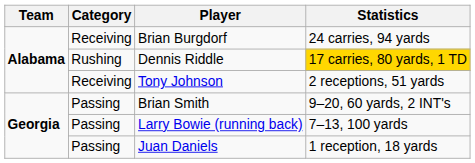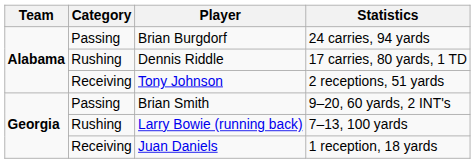 <table class="wikitable" style="float: right;">
 <tr>
 <th>Team</th>
 <th>Category</th>
 <th>Player</th>
 <th>Statistics</th>
 </tr>
 <tr>
 <td rowspan=3><strong>Alabama</strong></td>
-<td>Receiving</td>
+<td>Passing</td>
 <td>Brian Burgdorf</td>
 <td>24 carries, 94 yards</td>
 </tr>
 <tr>
 <td>Rushing</td>
 <td>Dennis Riddle</td>
-<td style="background: gold;">17 carries, 80 yards, 1 TD</td>
+<td>17 carries, 80 yards, 1 TD</td>
 </tr>
 <tr>
 <td>Receiving</td>
 <td><a href='#'>Tony Johnson</a></td>
 <td>2 receptions, 51 yards</td>
 </tr>
 <tr>
 <td rowspan=3><strong>Georgia</strong></td>
 <td>Passing</td>
 <td>Brian Smith</td>
 <td>9–20, 60 yards, 2 INT's</td>
 </tr>
 <tr>
-<td>Passing</td>
+<td>Rushing</td>
 <td><a href='#'>Larry Bowie (running back)</a></td>
 <td>7–13, 100 yards</td>
 </tr>
 <tr>
-<td>Passing</td>
+<td>Receiving</td>
 <td><a href='#'>Juan Daniels</a></td>
 <td>1 reception, 18 yards</td>
 </tr>
 </table>
